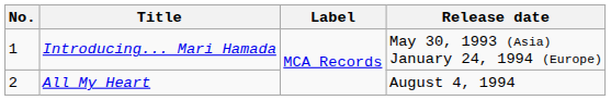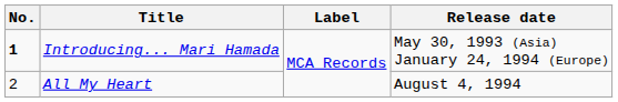 <table class=wikitable>
 <tr>
 <th>No.</th>
 <th>Title</th>
 <th>Label</th>
 <th>Release date</th>
 </tr>
 <tr>
-<td>1</td>
+<td><strong>1</strong></td>
 <td><em><a href='#'>Introducing... Mari Hamada</a></em></td>
 <td rowspan="2"><a href='#'>MCA Records</a></td>
 <td>May 30, 1993 <small>(Asia)</small><br>January 24, 1994 <small>(Europe)</small></td>
 </tr>
 <tr>
 <td>2</td>
 <td><em><a href='#'>All My Heart</a></em></td>
 <td>August 4, 1994</td>
 </tr>
 </table>
